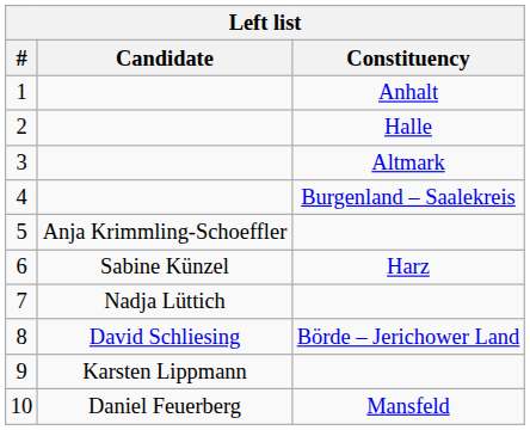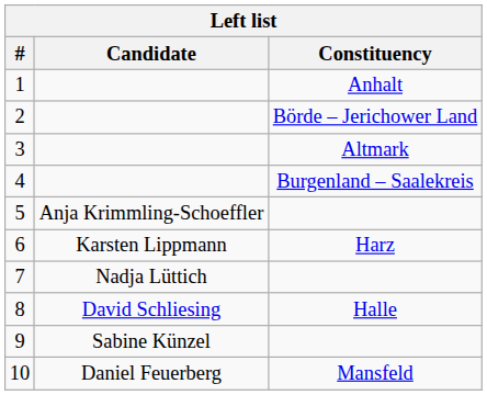 <table class="wikitable mw-collapsible mw-collapsed" style="text-align:center">
 <tr>
 <th colspan=3>Left list</th>
 </tr>
 <tr>
 <th>#</th>
 <th>Candidate</th>
 <th>Constituency</th>
 </tr>
 <tr>
 <td>1</td>
 <td></td>
 <td><a href='#'>Anhalt</a></td>
 </tr>
 <tr>
 <td>2</td>
 <td></td>
-<td><a href='#'>Halle</a></td>
+<td><a href='#'>Börde – Jerichower Land</a></td>
 </tr>
 <tr>
 <td>3</td>
 <td></td>
 <td><a href='#'>Altmark</a></td>
 </tr>
 <tr>
 <td>4</td>
 <td></td>
 <td><a href='#'>Burgenland – Saalekreis</a></td>
 </tr>
 <tr>
 <td>5</td>
 <td>Anja Krimmling-Schoeffler</td>
 <td></td>
 </tr>
 <tr>
 <td>6</td>
-<td>Sabine Künzel</td>
+<td>Karsten Lippmann</td>
 <td><a href='#'>Harz</a></td>
 </tr>
 <tr>
 <td>7</td>
 <td>Nadja Lüttich</td>
 <td></td>
 </tr>
 <tr>
 <td>8</td>
 <td><a href='#'>David Schliesing</a></td>
-<td><a href='#'>Börde – Jerichower Land</a></td>
+<td><a href='#'>Halle</a></td>
 </tr>
 <tr>
 <td>9</td>
-<td>Karsten Lippmann</td>
+<td>Sabine Künzel</td>
 <td></td>
 </tr>
 <tr>
 <td>10</td>
 <td>Daniel Feuerberg</td>
 <td><a href='#'>Mansfeld</a></td>
 </tr>
 </table>
